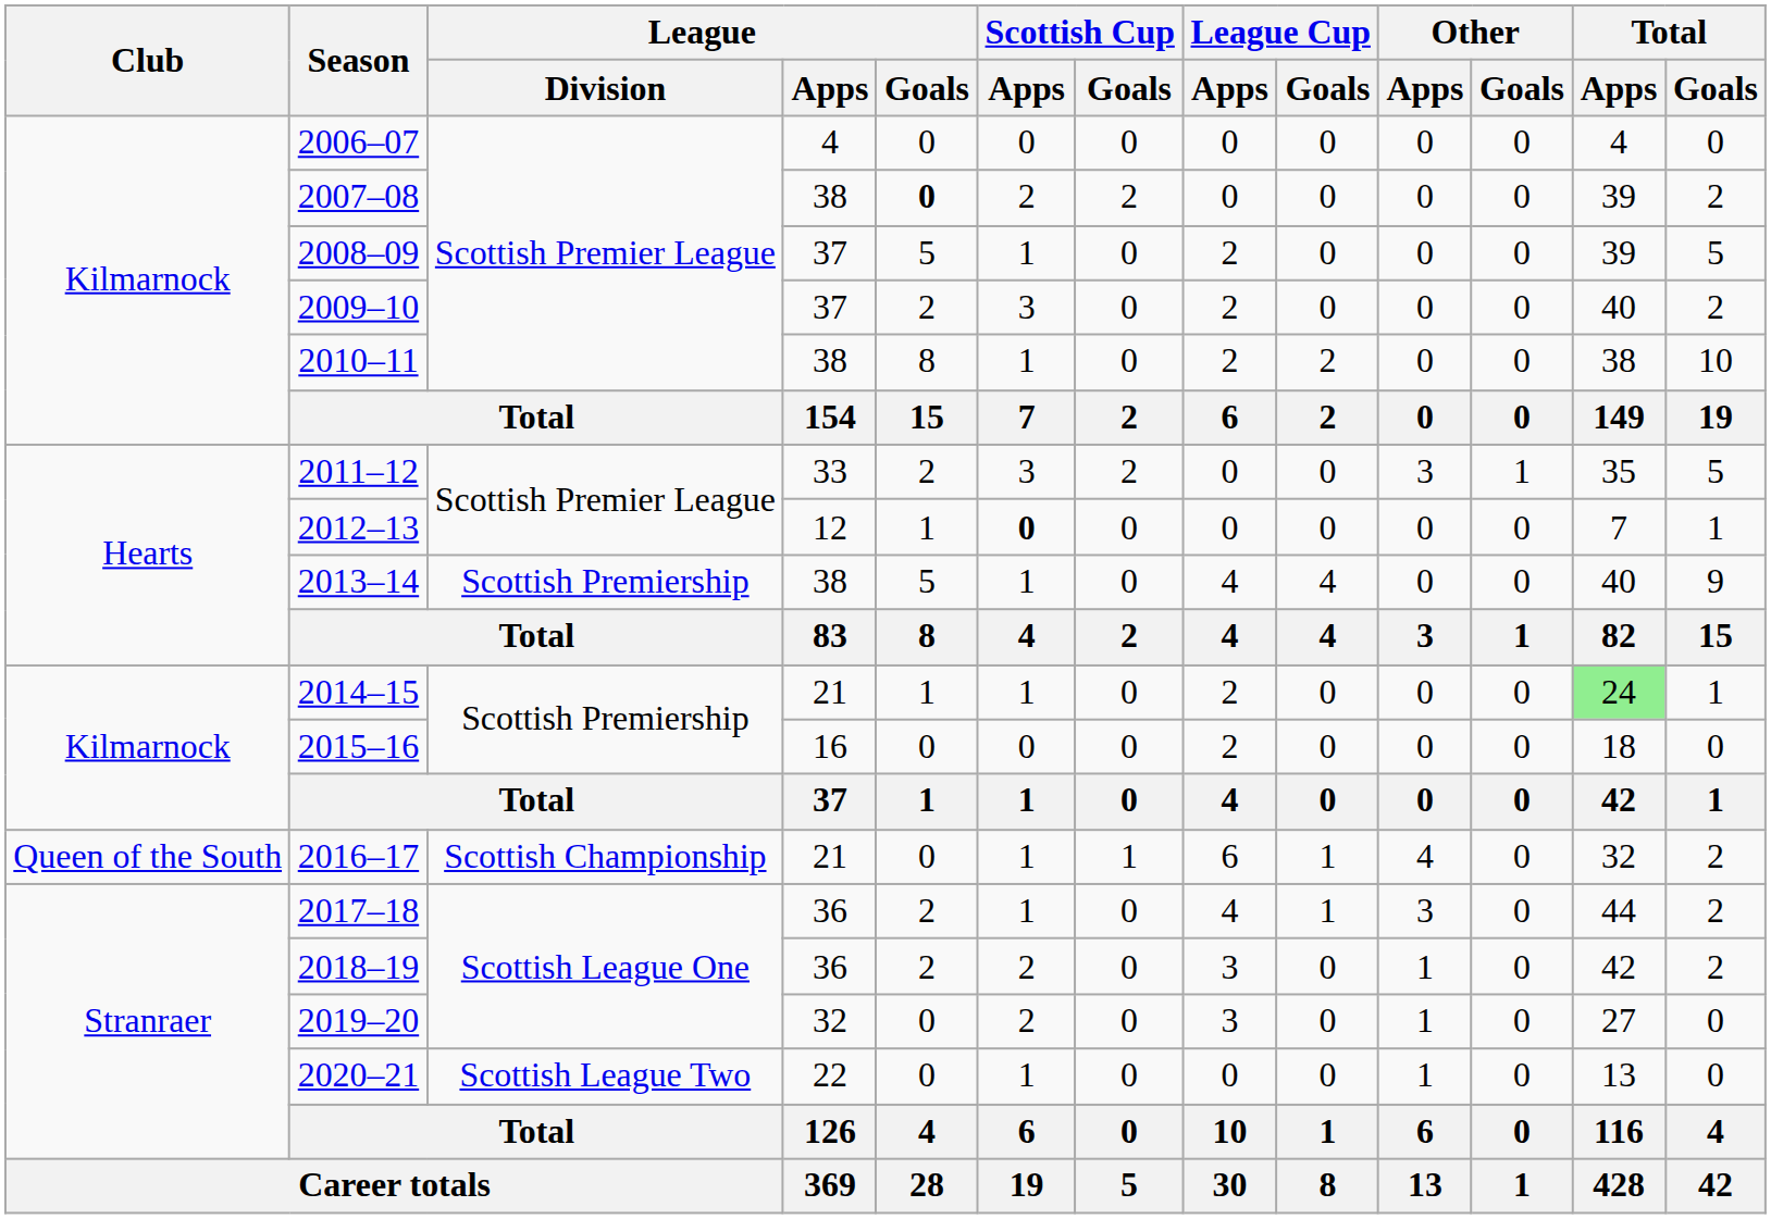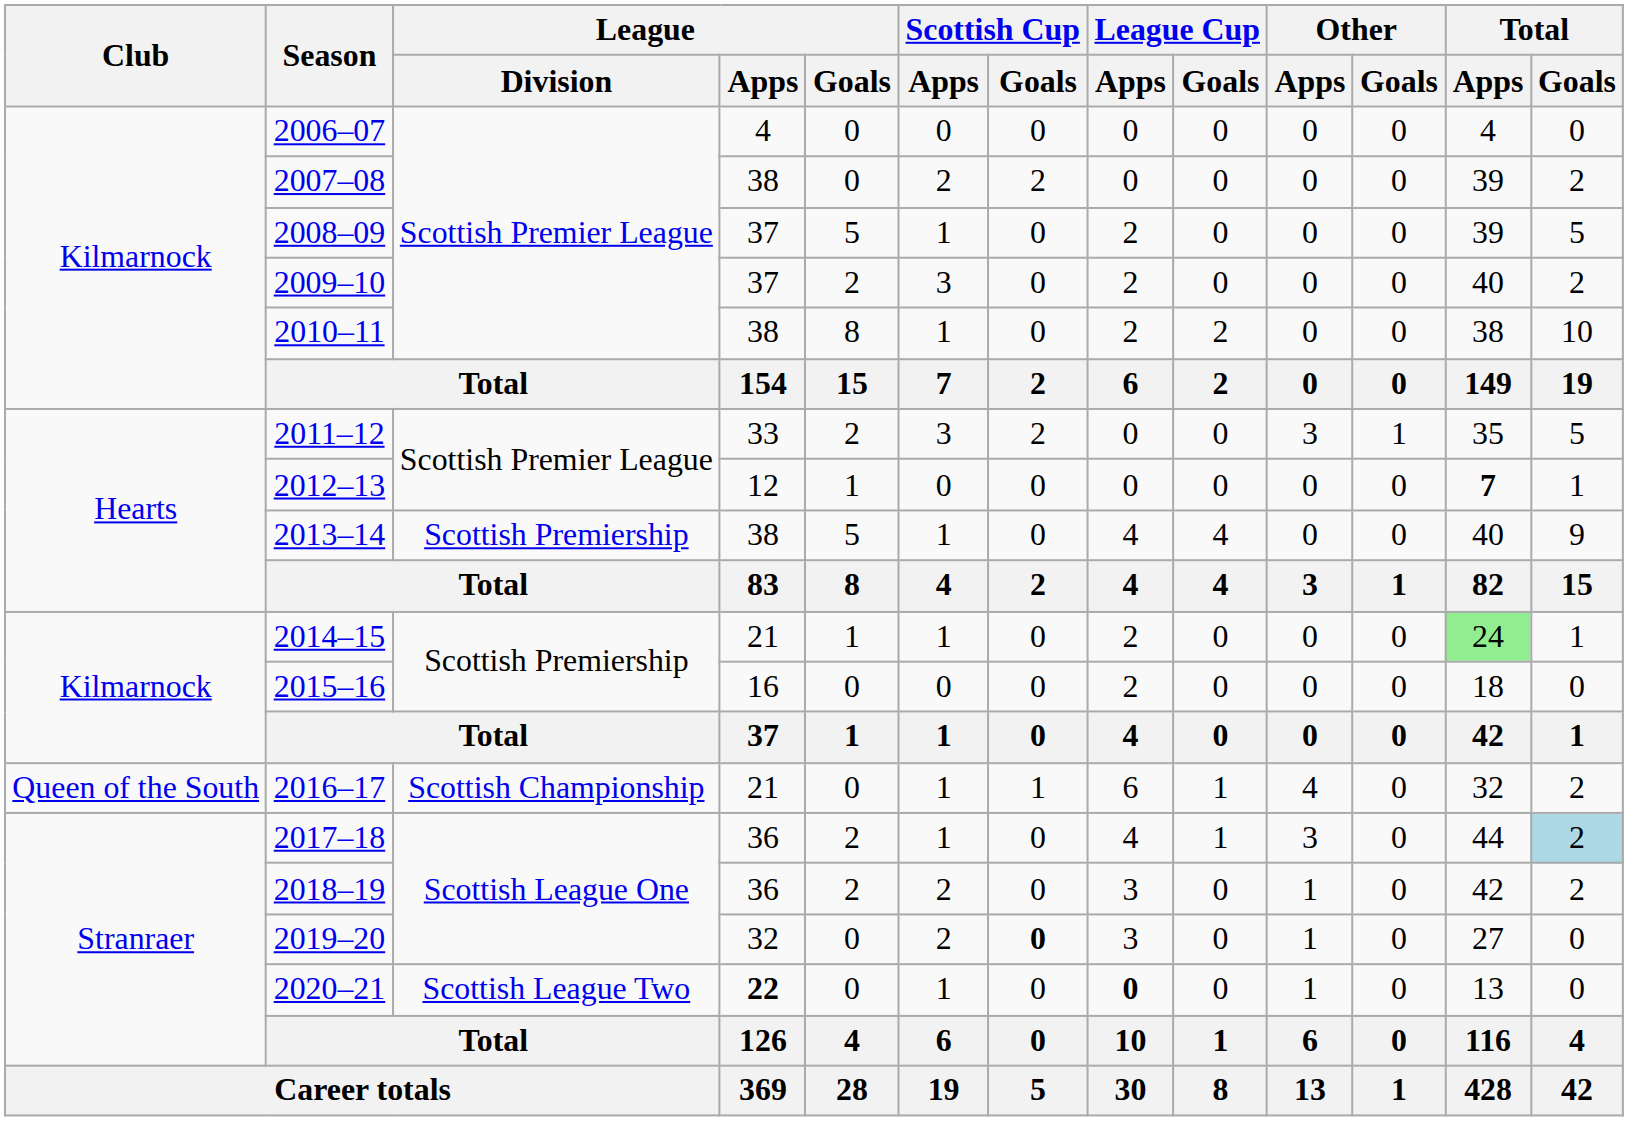 <table class="wikitable" style="text-align: center">
 <tr>
 <th rowspan=2>Club</th>
 <th rowspan=2>Season</th>
 <th colspan=3>League</th>
 <th colspan=2><a href='#'>Scottish Cup</a></th>
 <th colspan=2><a href='#'>League Cup</a></th>
 <th colspan=2>Other</th>
 <th colspan=2>Total</th>
 </tr>
 <tr>
 <th>Division</th>
 <th>Apps</th>
 <th>Goals</th>
 <th>Apps</th>
 <th>Goals</th>
 <th>Apps</th>
 <th>Goals</th>
 <th>Apps</th>
 <th>Goals</th>
 <th>Apps</th>
 <th>Goals</th>
 </tr>
 <tr>
 <td rowspan="6"><a href='#'>Kilmarnock</a></td>
 <td><a href='#'>2006–07</a></td>
 <td rowspan="5"><a href='#'>Scottish Premier League</a></td>
 <td>4</td>
 <td>0</td>
 <td>0</td>
 <td>0</td>
 <td>0</td>
 <td>0</td>
 <td>0</td>
 <td>0</td>
 <td>4</td>
 <td>0</td>
 </tr>
 <tr>
 <td><a href='#'>2007–08</a></td>
 <td>38</td>
-<td><strong>0</strong></td>
+<td>0</td>
 <td>2</td>
 <td>2</td>
 <td>0</td>
 <td>0</td>
 <td>0</td>
 <td>0</td>
 <td>39</td>
 <td>2</td>
 </tr>
 <tr>
 <td><a href='#'>2008–09</a></td>
 <td>37</td>
 <td>5</td>
 <td>1</td>
 <td>0</td>
 <td>2</td>
 <td>0</td>
 <td>0</td>
 <td>0</td>
 <td>39</td>
 <td>5</td>
 </tr>
 <tr>
 <td><a href='#'>2009–10</a></td>
 <td>37</td>
 <td>2</td>
 <td>3</td>
 <td>0</td>
 <td>2</td>
 <td>0</td>
 <td>0</td>
 <td>0</td>
 <td>40</td>
 <td>2</td>
 </tr>
 <tr>
 <td><a href='#'>2010–11</a></td>
 <td>38</td>
 <td>8</td>
 <td>1</td>
 <td>0</td>
 <td>2</td>
 <td>2</td>
 <td>0</td>
 <td>0</td>
 <td>38</td>
 <td>10</td>
 </tr>
 <tr>
 <th colspan="2">Total</th>
 <th>154</th>
 <th>15</th>
 <th>7</th>
 <th>2</th>
 <th>6</th>
 <th>2</th>
 <th>0</th>
 <th>0</th>
 <th>149</th>
 <th>19</th>
 </tr>
 <tr>
 <td rowspan="4"><a href='#'>Hearts</a></td>
 <td><a href='#'>2011–12</a></td>
 <td rowspan="2">Scottish Premier League</td>
 <td>33</td>
 <td>2</td>
 <td>3</td>
 <td>2</td>
 <td>0</td>
 <td>0</td>
 <td>3</td>
 <td>1</td>
 <td>35</td>
 <td>5</td>
 </tr>
 <tr>
 <td><a href='#'>2012–13</a></td>
 <td>12</td>
 <td>1</td>
-<td><strong>0</strong></td>
 <td>0</td>
 <td>0</td>
 <td>0</td>
 <td>0</td>
 <td>0</td>
-<td>7</td>
+<td>0</td>
+<td><strong>7</strong></td>
 <td>1</td>
 </tr>
 <tr>
 <td><a href='#'>2013–14</a></td>
 <td><a href='#'>Scottish Premiership</a></td>
 <td>38</td>
 <td>5</td>
 <td>1</td>
 <td>0</td>
 <td>4</td>
 <td>4</td>
 <td>0</td>
 <td>0</td>
 <td>40</td>
 <td>9</td>
 </tr>
 <tr>
 <th colspan="2">Total</th>
 <th>83</th>
 <th>8</th>
 <th>4</th>
 <th>2</th>
 <th>4</th>
 <th>4</th>
 <th>3</th>
 <th>1</th>
 <th>82</th>
 <th>15</th>
 </tr>
 <tr>
 <td rowspan="3"><a href='#'>Kilmarnock</a></td>
 <td><a href='#'>2014–15</a></td>
 <td rowspan="2">Scottish Premiership</td>
 <td>21</td>
 <td>1</td>
 <td>1</td>
 <td>0</td>
 <td>2</td>
 <td>0</td>
 <td>0</td>
 <td>0</td>
 <td style="background: lightgreen;">24</td>
 <td>1</td>
 </tr>
 <tr>
 <td><a href='#'>2015–16</a></td>
 <td>16</td>
 <td>0</td>
 <td>0</td>
 <td>0</td>
 <td>2</td>
 <td>0</td>
 <td>0</td>
 <td>0</td>
 <td>18</td>
 <td>0</td>
 </tr>
 <tr>
 <th colspan="2">Total</th>
 <th>37</th>
 <th>1</th>
 <th>1</th>
 <th>0</th>
 <th>4</th>
 <th>0</th>
 <th>0</th>
 <th>0</th>
 <th>42</th>
 <th>1</th>
 </tr>
 <tr>
 <td><a href='#'>Queen of the South</a></td>
 <td><a href='#'>2016–17</a></td>
 <td><a href='#'>Scottish Championship</a></td>
 <td>21</td>
 <td>0</td>
 <td>1</td>
 <td>1</td>
 <td>6</td>
 <td>1</td>
 <td>4</td>
 <td>0</td>
 <td>32</td>
 <td>2</td>
 </tr>
 <tr>
 <td rowspan="5"><a href='#'>Stranraer</a></td>
 <td><a href='#'>2017–18</a></td>
 <td rowspan="3"><a href='#'>Scottish League One</a></td>
 <td>36</td>
 <td>2</td>
 <td>1</td>
 <td>0</td>
 <td>4</td>
 <td>1</td>
 <td>3</td>
 <td>0</td>
 <td>44</td>
-<td>2</td>
+<td style="background: lightblue;">2</td>
 </tr>
 <tr>
 <td><a href='#'>2018–19</a></td>
 <td>36</td>
 <td>2</td>
 <td>2</td>
 <td>0</td>
 <td>3</td>
 <td>0</td>
 <td>1</td>
 <td>0</td>
 <td>42</td>
 <td>2</td>
 </tr>
 <tr>
 <td><a href='#'>2019–20</a></td>
 <td>32</td>
 <td>0</td>
 <td>2</td>
-<td>0</td>
+<td><strong>0</strong></td>
 <td>3</td>
 <td>0</td>
 <td>1</td>
 <td>0</td>
 <td>27</td>
 <td>0</td>
 </tr>
 <tr>
 <td><a href='#'>2020–21</a></td>
 <td><a href='#'>Scottish League Two</a></td>
-<td>22</td>
+<td><strong>22</strong></td>
 <td>0</td>
 <td>1</td>
 <td>0</td>
-<td>0</td>
+<td><strong>0</strong></td>
 <td>0</td>
 <td>1</td>
 <td>0</td>
 <td>13</td>
 <td>0</td>
 </tr>
 <tr>
 <th colspan="2">Total</th>
 <th>126</th>
 <th>4</th>
 <th>6</th>
 <th>0</th>
 <th>10</th>
 <th>1</th>
 <th>6</th>
 <th>0</th>
 <th>116</th>
 <th>4</th>
 </tr>
 <tr>
 <th colspan="3">Career totals</th>
 <th>369</th>
 <th>28</th>
 <th>19</th>
 <th>5</th>
 <th>30</th>
 <th>8</th>
 <th>13</th>
 <th>1</th>
 <th>428</th>
 <th>42</th>
 </tr>
 </table>
